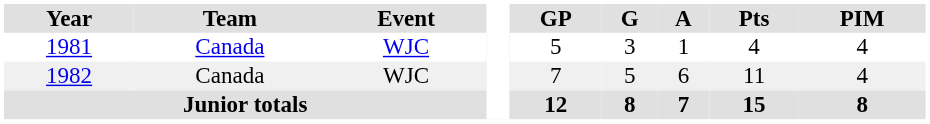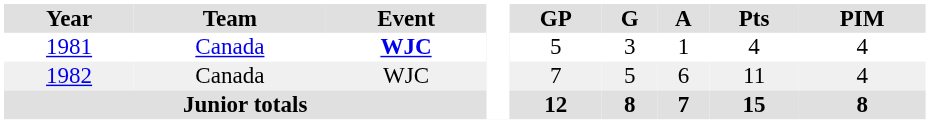 <table border="0" cellpadding="1" cellspacing="0" style="text-align:center; width:40em">
 <tr ALIGN="center" bgcolor="#e0e0e0">
 <th>Year</th>
 <th>Team</th>
 <th>Event</th>
 <th ALIGN="center" rowspan="99" bgcolor="#ffffff"> </th>
 <th>GP</th>
 <th>G</th>
 <th>A</th>
 <th>Pts</th>
 <th>PIM</th>
 </tr>
 <tr>
 <td><a href='#'>1981</a></td>
 <td><a href='#'>Canada</a></td>
-<td><a href='#'>WJC</a></td>
+<td><strong><a href='#'>WJC</a></strong></td>
 <td>5</td>
 <td>3</td>
 <td>1</td>
 <td>4</td>
 <td>4</td>
 </tr>
 <tr bgcolor="#f0f0f0">
 <td><a href='#'>1982</a></td>
 <td>Canada</td>
 <td>WJC</td>
 <td>7</td>
 <td>5</td>
 <td>6</td>
 <td>11</td>
 <td>4</td>
 </tr>
 <tr bgcolor="#e0e0e0">
 <th colspan=3>Junior totals</th>
 <th>12</th>
 <th>8</th>
 <th>7</th>
 <th>15</th>
 <th>8</th>
 </tr>
 </table>
